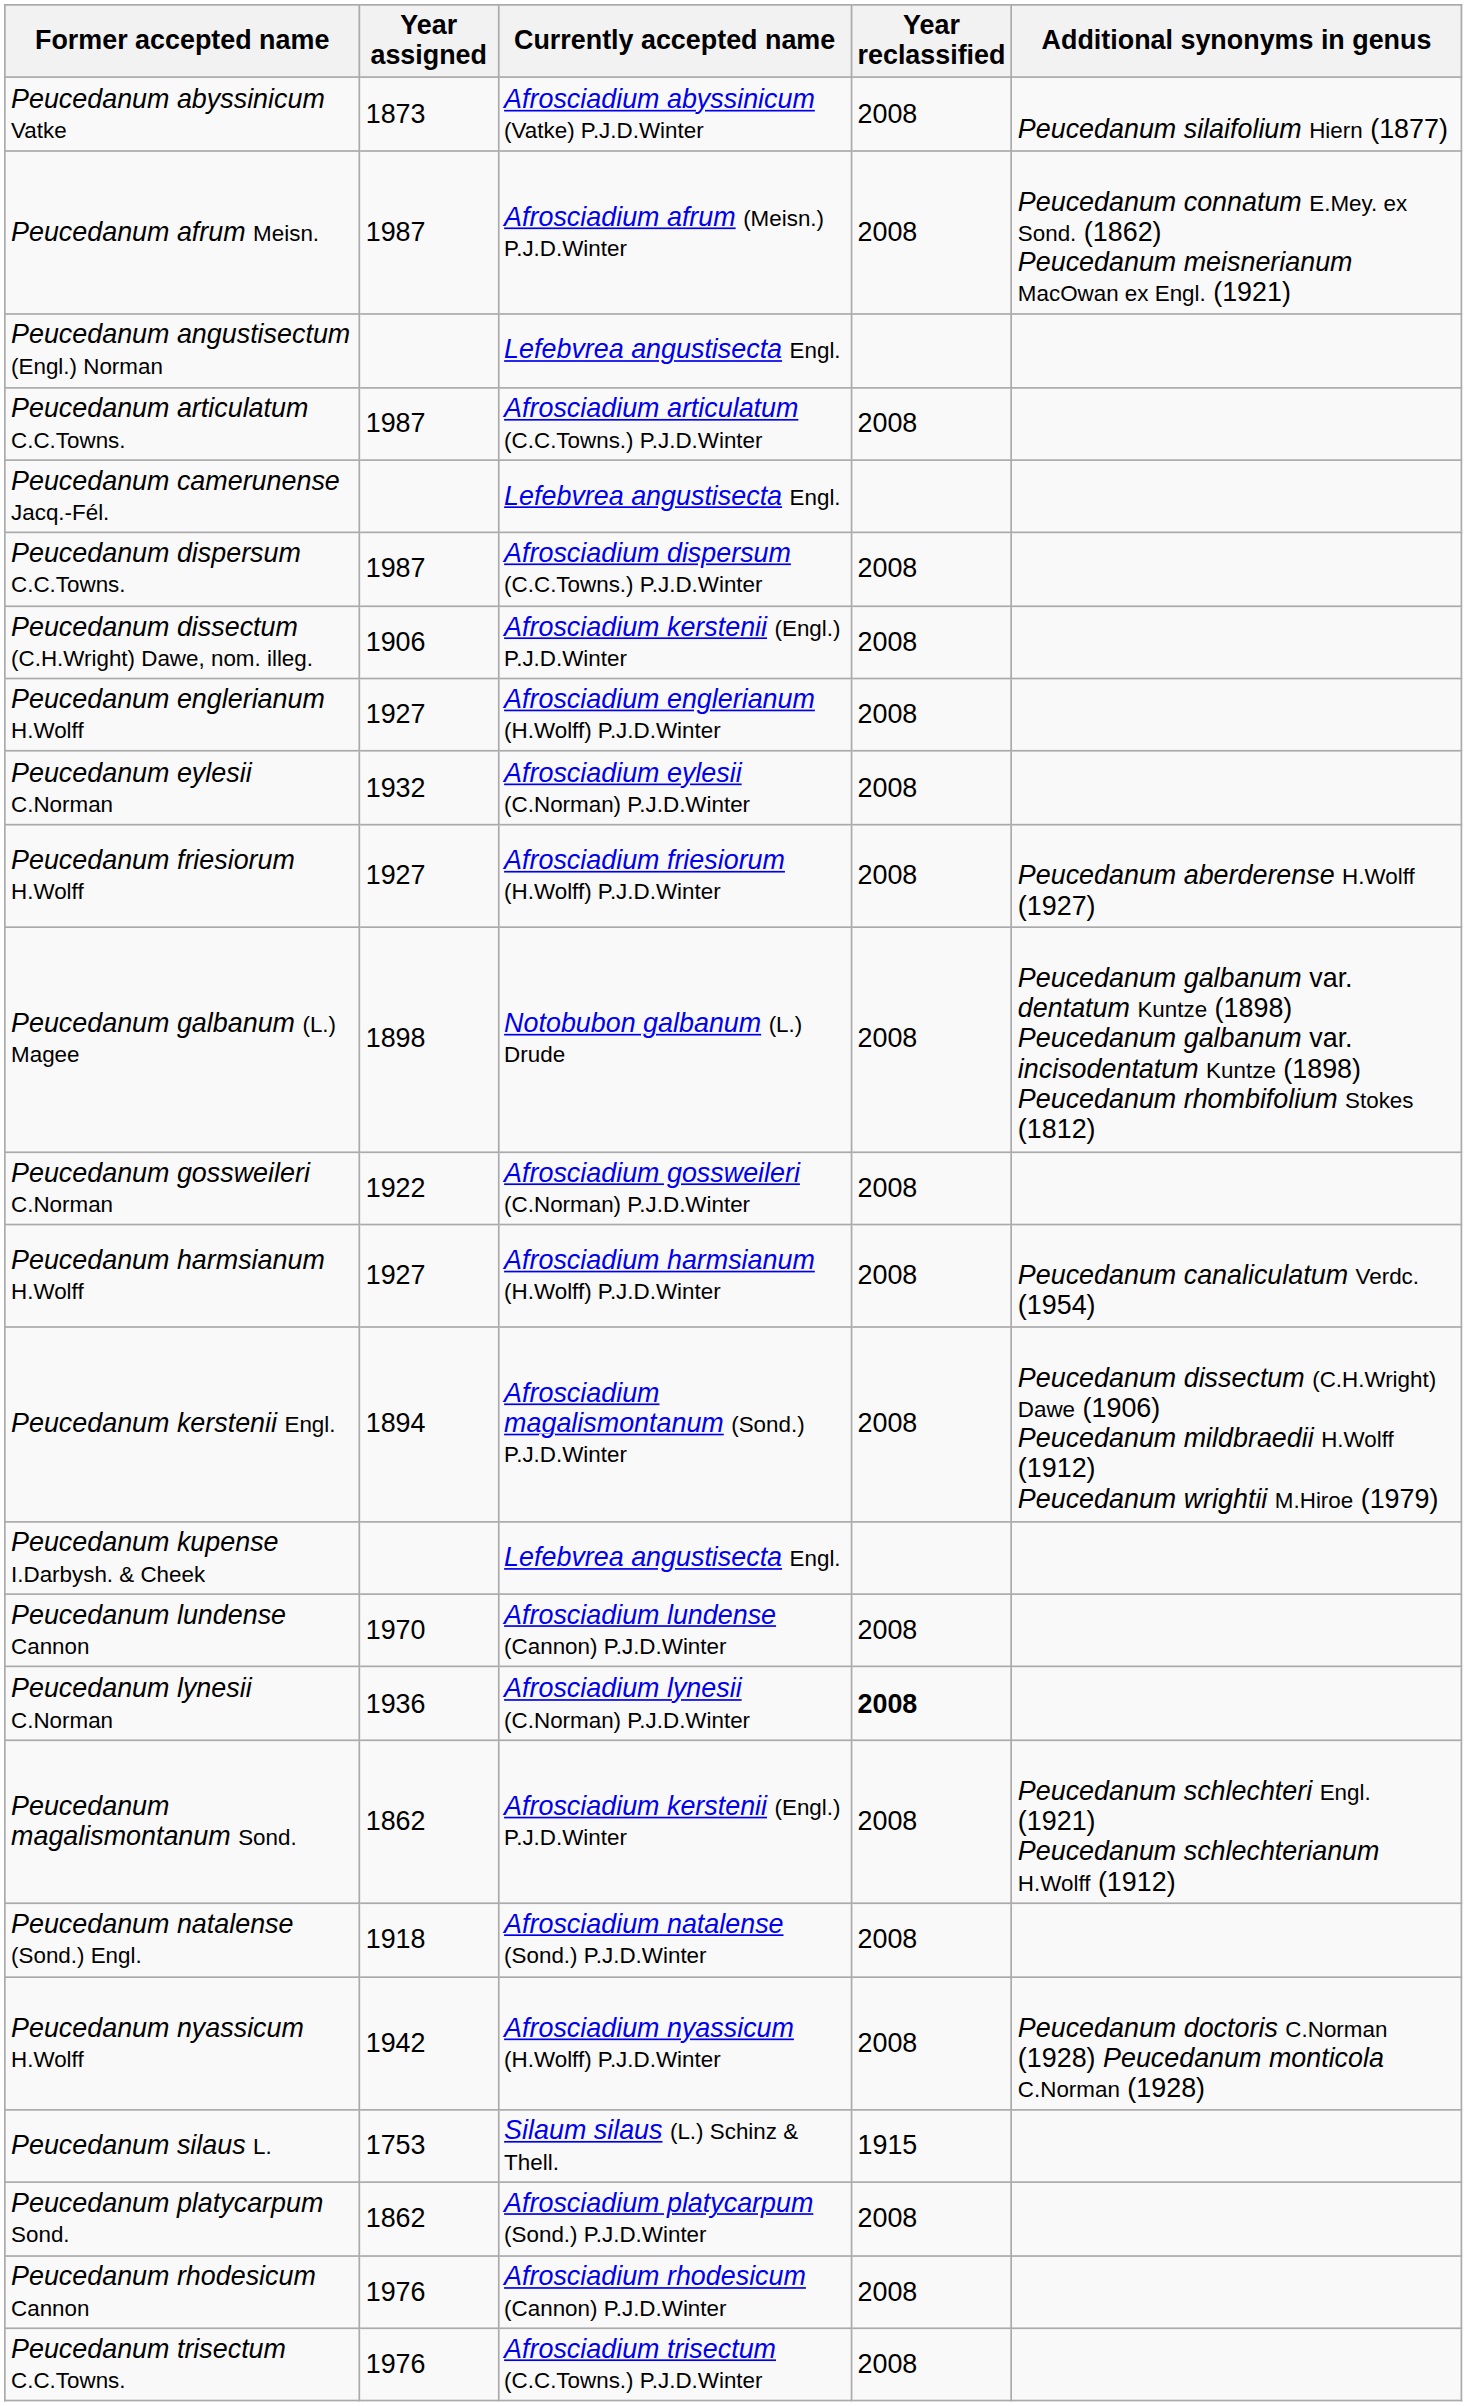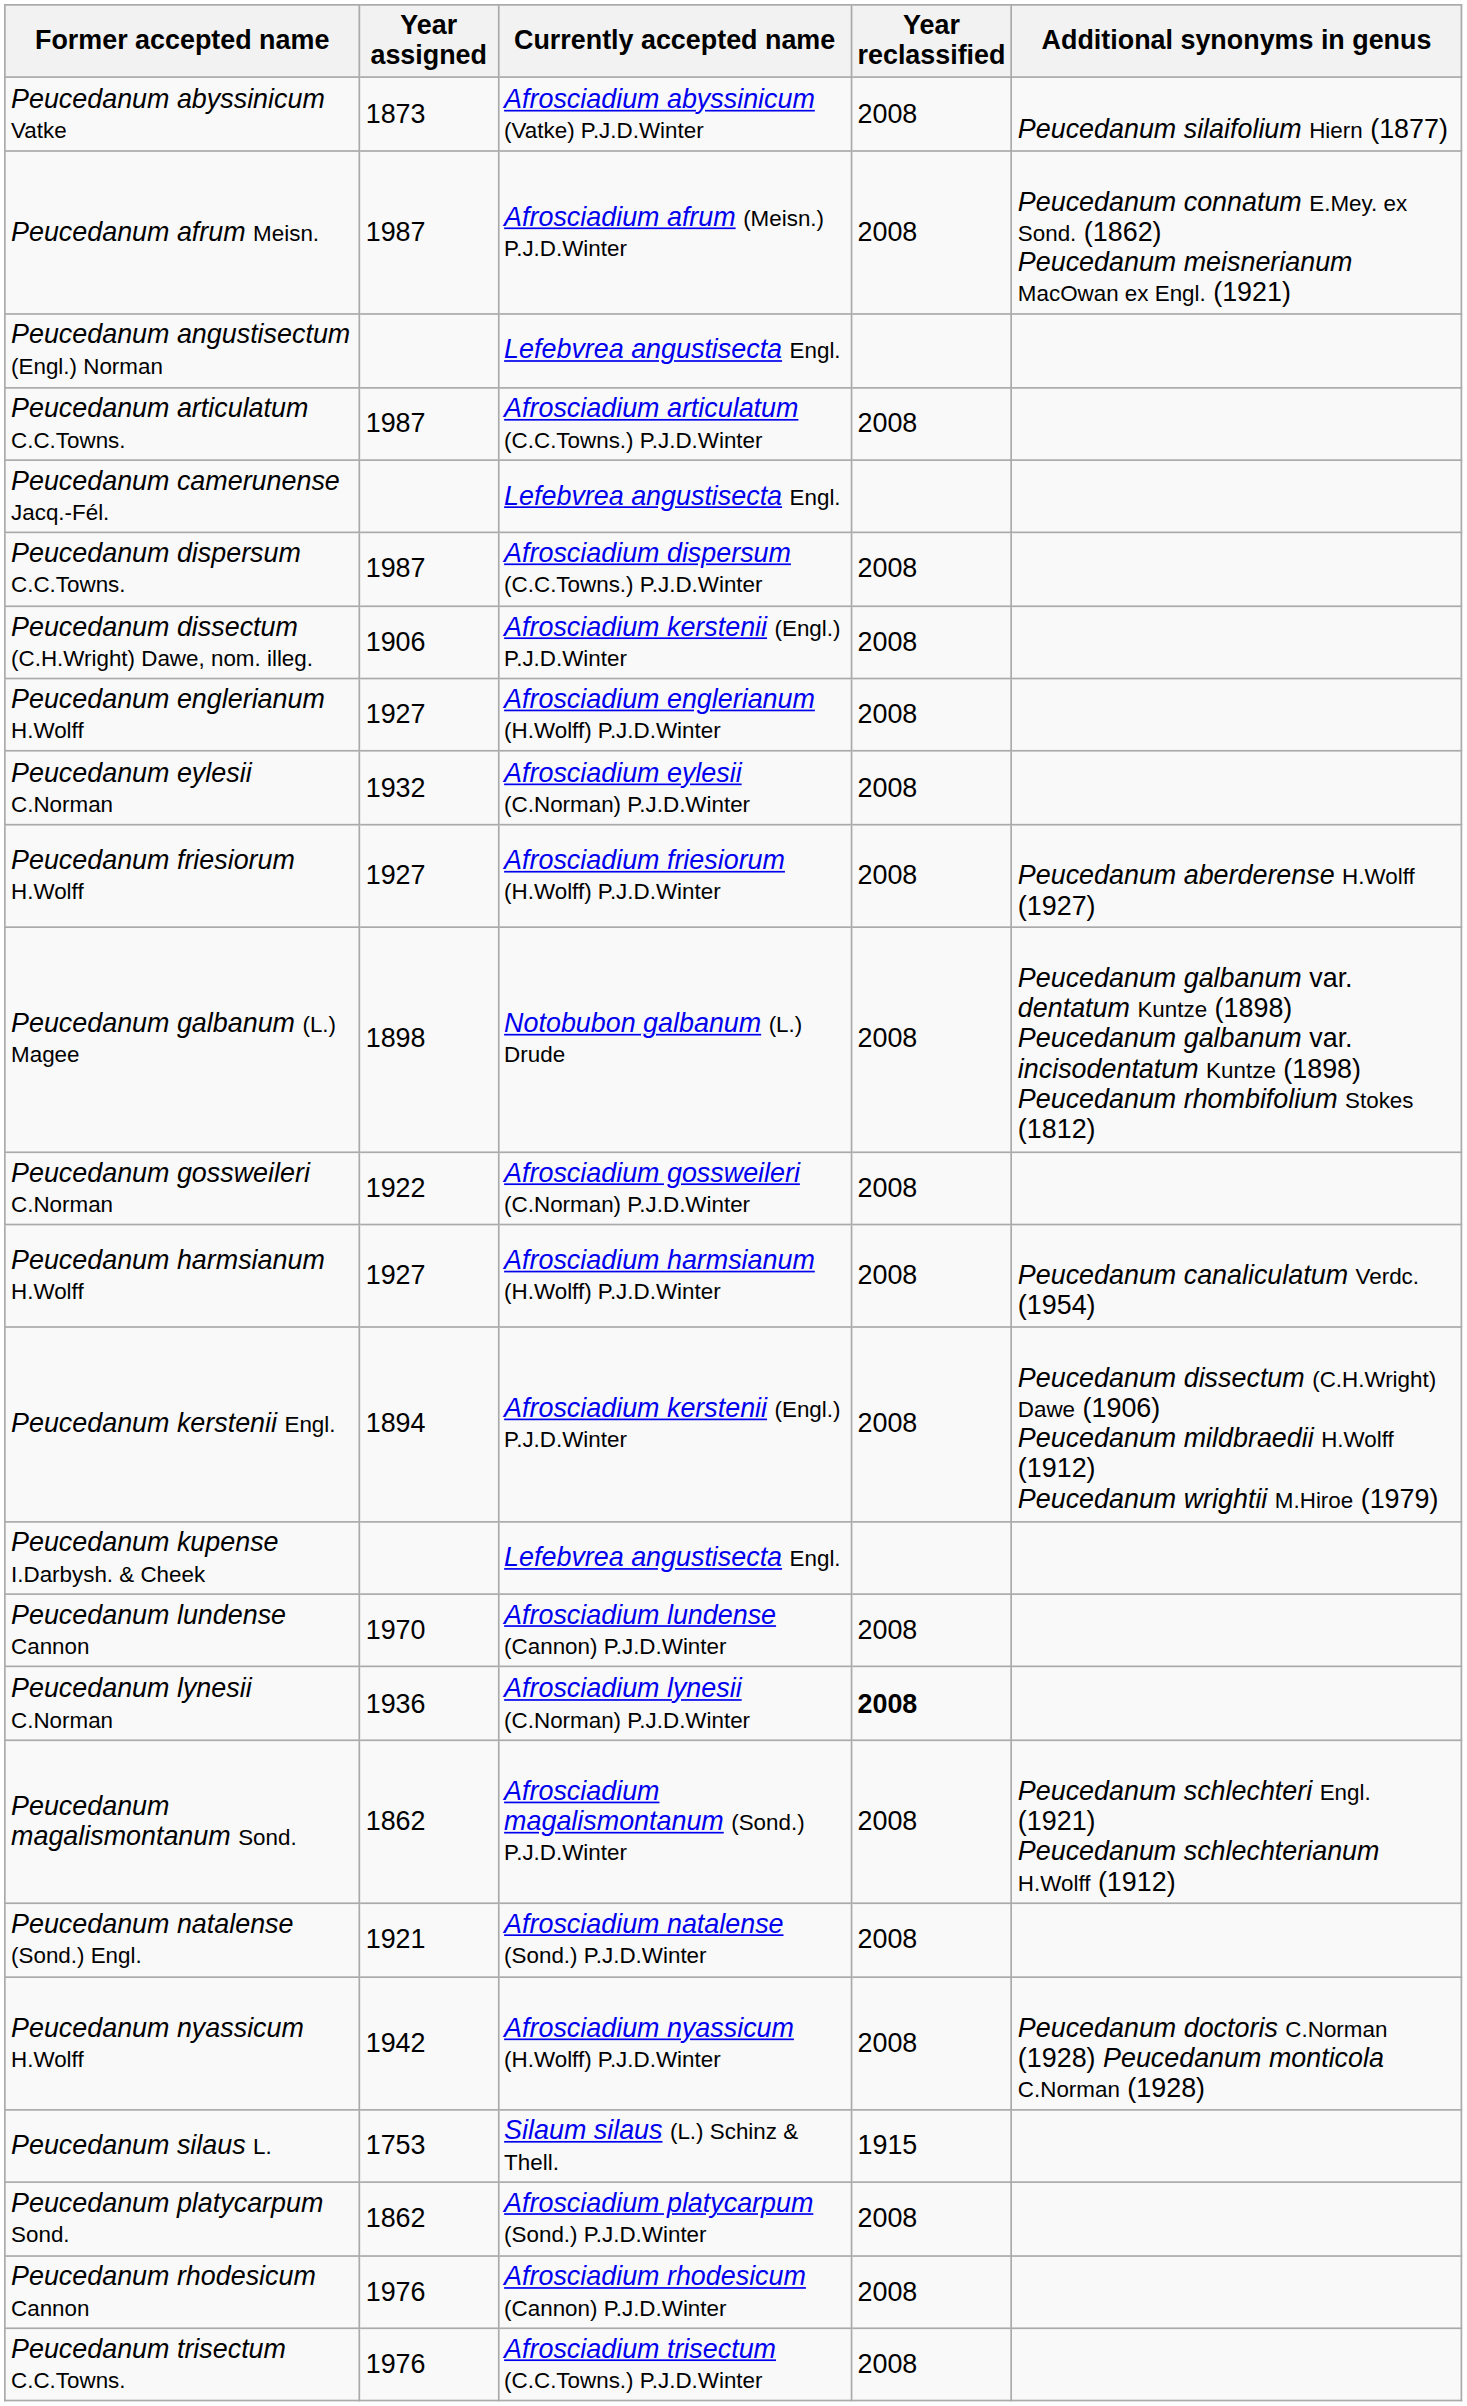 <table class="sortable wikitable">
 <tr style="background:#CCCC;">
 <th>Former accepted name</th>
 <th data-sort-type="isoDate" width=75pt>Year assigned</th>
 <th>Currently accepted name</th>
 <th data-sort-type="isoDate" width=75pt>Year reclassified</th>
 <th>Additional synonyms in genus</th>
 </tr>
 <tr>
 <td><em>Peucedanum abyssinicum</em> <small>Vatke</small></td>
 <td>1873</td>
 <td><em><a href='#'>Afrosciadium abyssinicum</a></em> <small>(Vatke) P.J.D.Winter</small></td>
 <td>2008</td>
 <td><br><em>Peucedanum silaifolium</em> <small>Hiern</small> (1877)</td>
 </tr>
 <tr>
 <td><em>Peucedanum afrum</em> <small>Meisn.</small></td>
 <td>1987</td>
 <td><em><a href='#'>Afrosciadium afrum</a></em> <small>(Meisn.) P.J.D.Winter</small></td>
 <td>2008</td>
 <td><br><em>Peucedanum connatum</em> <small>E.Mey. ex Sond.</small> (1862) <br> <em>Peucedanum meisnerianum</em> <small>MacOwan ex Engl.</small> (1921)</td>
 </tr>
 <tr>
 <td><em>Peucedanum angustisectum</em> <small>(Engl.) Norman</small></td>
 <td></td>
 <td><em><a href='#'>Lefebvrea angustisecta</a></em> <small>Engl.</small></td>
 <td></td>
 <td></td>
 </tr>
 <tr>
 <td><em>Peucedanum articulatum</em> <small>C.C.Towns.</small></td>
 <td>1987</td>
 <td><em><a href='#'>Afrosciadium articulatum</a></em> <small>(C.C.Towns.) P.J.D.Winter</small></td>
 <td>2008</td>
 <td></td>
 </tr>
 <tr>
 <td><em>Peucedanum camerunense</em> <small>Jacq.-Fél.</small></td>
 <td></td>
 <td><em><a href='#'>Lefebvrea angustisecta</a></em> <small>Engl.</small></td>
 <td></td>
 </tr>
 <tr>
 <td><em>Peucedanum dispersum</em> <small>C.C.Towns.</small></td>
 <td>1987</td>
 <td><em><a href='#'>Afrosciadium dispersum</a></em> <small>(C.C.Towns.) P.J.D.Winter</small></td>
 <td>2008</td>
 <td></td>
 </tr>
 <tr>
 <td><em>Peucedanum dissectum</em> <small>(C.H.Wright) Dawe, nom. illeg.</small></td>
 <td>1906</td>
 <td><em><a href='#'>Afrosciadium kerstenii</a></em> <small>(Engl.) P.J.D.Winter</small></td>
 <td>2008</td>
 </tr>
 <tr>
 <td><em>Peucedanum englerianum</em> <small>H.Wolff</small></td>
 <td>1927</td>
 <td><em><a href='#'>Afrosciadium englerianum</a></em> <small>(H.Wolff) P.J.D.Winter</small></td>
 <td>2008</td>
 <td></td>
 </tr>
 <tr>
 <td><em>Peucedanum eylesii</em> <small>C.Norman</small></td>
 <td>1932</td>
 <td><em><a href='#'>Afrosciadium eylesii</a></em> <small>(C.Norman) P.J.D.Winter</small></td>
 <td>2008</td>
 <td></td>
 </tr>
 <tr>
 <td><em>Peucedanum friesiorum</em> <small>H.Wolff</small></td>
 <td>1927</td>
 <td><em><a href='#'>Afrosciadium friesiorum</a></em> <small>(H.Wolff) P.J.D.Winter</small></td>
 <td>2008</td>
 <td><br><em>Peucedanum aberderense</em> <small>H.Wolff</small> (1927)</td>
 </tr>
 <tr>
 <td><em>Peucedanum galbanum</em> <small>(L.) Magee</small></td>
 <td>1898</td>
 <td><em><a href='#'>Notobubon galbanum</a></em> <small>(L.) Drude</small></td>
 <td>2008</td>
 <td><br><em>Peucedanum galbanum</em> var. <em>dentatum</em> <small>Kuntze</small> (1898) <br> <em>Peucedanum galbanum</em> var. <em>incisodentatum</em> <small>Kuntze</small> (1898) <br> <em>Peucedanum rhombifolium</em> <small>Stokes</small> (1812)</td>
 </tr>
 <tr>
 <td><em>Peucedanum gossweileri</em> <small>C.Norman</small></td>
 <td>1922</td>
 <td><em><a href='#'>Afrosciadium gossweileri</a></em> <small>(C.Norman) P.J.D.Winter</small></td>
 <td>2008</td>
 <td></td>
 </tr>
 <tr>
 <td><em>Peucedanum harmsianum</em> <small>H.Wolff</small></td>
 <td>1927</td>
 <td><em><a href='#'>Afrosciadium harmsianum</a></em> <small>(H.Wolff) P.J.D.Winter</small></td>
 <td>2008</td>
 <td><br><em>Peucedanum canaliculatum</em> <small>Verdc.</small> (1954)</td>
 </tr>
 <tr>
 <td><em>Peucedanum kerstenii</em> <small>Engl.</small></td>
 <td>1894</td>
-<td><em><a href='#'>Afrosciadium magalismontanum</a></em> <small>(Sond.) P.J.D.Winter</small></td>
+<td><em><a href='#'>Afrosciadium kerstenii</a></em> <small>(Engl.) P.J.D.Winter</small></td>
 <td>2008</td>
 <td><br><em>Peucedanum dissectum</em> <small>(C.H.Wright) Dawe</small> (1906) <br> <em>Peucedanum mildbraedii</em> <small>H.Wolff</small> (1912) <br> <em>Peucedanum wrightii</em> <small>M.Hiroe</small> (1979)</td>
 </tr>
 <tr>
 <td><em>Peucedanum kupense</em> <small>I.Darbysh. & Cheek</small></td>
 <td></td>
 <td><em><a href='#'>Lefebvrea angustisecta</a></em> <small>Engl.</small></td>
 <td></td>
 </tr>
 <tr>
 <td><em>Peucedanum lundense</em> <small>Cannon</small></td>
 <td>1970</td>
 <td><em><a href='#'>Afrosciadium lundense</a></em> <small>(Cannon) P.J.D.Winter</small></td>
 <td>2008</td>
 <td></td>
 </tr>
 <tr>
 <td><em>Peucedanum lynesii</em> <small>C.Norman</small></td>
 <td>1936</td>
 <td><em><a href='#'>Afrosciadium lynesii</a></em> <small>(C.Norman) P.J.D.Winter</small></td>
 <td><strong>2008</strong></td>
 <td></td>
 </tr>
 <tr>
 <td><em>Peucedanum magalismontanum</em> <small>Sond.</small></td>
 <td>1862</td>
-<td><em><a href='#'>Afrosciadium kerstenii</a></em> <small>(Engl.) P.J.D.Winter</small></td>
+<td><em><a href='#'>Afrosciadium magalismontanum</a></em> <small>(Sond.) P.J.D.Winter</small></td>
 <td>2008</td>
 <td><br><em>Peucedanum schlechteri</em> <small>Engl.</small> (1921) <br> <em>Peucedanum schlechterianum</em> <small>H.Wolff</small> (1912)</td>
 </tr>
 <tr>
 <td><em>Peucedanum natalense</em> <small>(Sond.) Engl.</small></td>
-<td>1918</td>
+<td>1921</td>
 <td><em><a href='#'>Afrosciadium natalense</a></em> <small>(Sond.) P.J.D.Winter</small></td>
 <td>2008</td>
 <td></td>
 </tr>
 <tr>
 <td><em>Peucedanum nyassicum</em> <small>H.Wolff</small></td>
 <td>1942</td>
 <td><em><a href='#'>Afrosciadium nyassicum</a></em> <small>(H.Wolff) P.J.D.Winter</small></td>
 <td>2008</td>
 <td><br><em>Peucedanum doctoris</em> <small>C.Norman</small> (1928) <em>Peucedanum monticola</em> <small>C.Norman</small> (1928)</td>
 </tr>
 <tr>
 <td><em>Peucedanum silaus</em> <small>L.</small></td>
 <td>1753</td>
 <td><em><a href='#'>Silaum silaus</a></em> <small>(L.) Schinz & Thell.</small></td>
 <td>1915</td>
 </tr>
 <tr>
 <td><em>Peucedanum platycarpum</em> <small>Sond.</small></td>
 <td>1862</td>
 <td><em><a href='#'>Afrosciadium platycarpum</a></em> <small>(Sond.) P.J.D.Winter</small></td>
 <td>2008</td>
 <td></td>
 </tr>
 <tr>
 <td><em>Peucedanum rhodesicum</em> <small>Cannon</small></td>
 <td>1976</td>
 <td><em><a href='#'>Afrosciadium rhodesicum</a></em> <small>(Cannon) P.J.D.Winter</small></td>
 <td>2008</td>
 <td></td>
 </tr>
 <tr>
 <td><em>Peucedanum trisectum</em> <small>C.C.Towns.</small></td>
 <td>1976</td>
 <td><em><a href='#'>Afrosciadium trisectum</a></em> <small>(C.C.Towns.) P.J.D.Winter</small></td>
 <td>2008</td>
 <td></td>
 </tr>
 </table>
